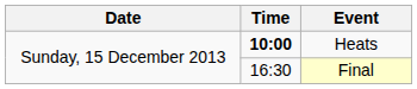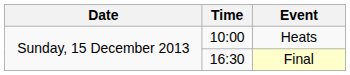 <table class = "wikitable" style="text-align:center;">
 <tr>
 <th width=220>Date</th>
 <th width=50>Time</th>
 <th width=100>Event</th>
 </tr>
 <tr>
 <td rowspan=2>Sunday, 15 December 2013</td>
-<td><strong>10:00</strong></td>
+<td>10:00</td>
 <td>Heats</td>
 </tr>
 <tr>
 <td>16:30</td>
 <td bgcolor=ffffcc>Final</td>
 </tr>
 </table>
